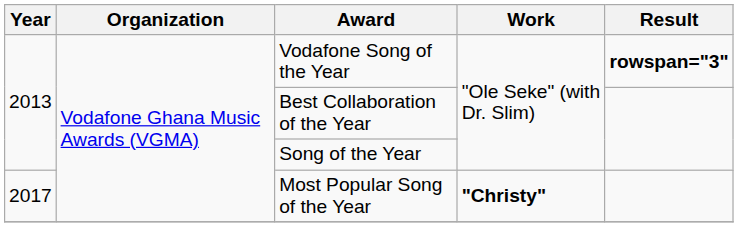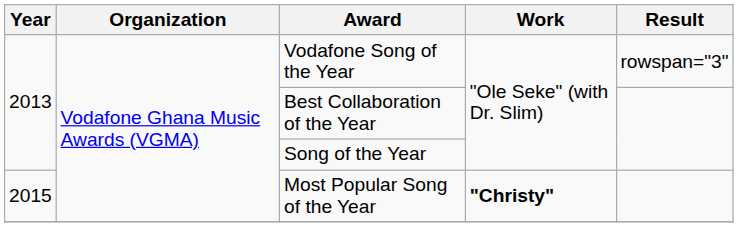 <table class="wikitable">
 <tr>
 <th>Year</th>
 <th>Organization</th>
 <th>Award</th>
 <th>Work</th>
 <th>Result</th>
 </tr>
 <tr>
 <td rowspan="3">2013</td>
 <td rowspan="4"><a href='#'> Vodafone Ghana Music Awards (VGMA)</a></td>
 <td>Vodafone Song of the Year</td>
 <td rowspan="3">"Ole Seke" (with Dr. Slim)</td>
-<td><strong>rowspan="3" </strong></td>
+<td>rowspan="3" </td>
 </tr>
 <tr>
 <td>Best Collaboration of the Year</td>
 </tr>
 <tr>
 <td>Song of the Year</td>
 </tr>
 <tr>
-<td>2017</td>
+<td>2015</td>
 <td>Most Popular Song of the Year</td>
 <td><strong>"Christy"</strong></td>
 <td></td>
 </tr>
 <tr>
 </tr>
 </table>
